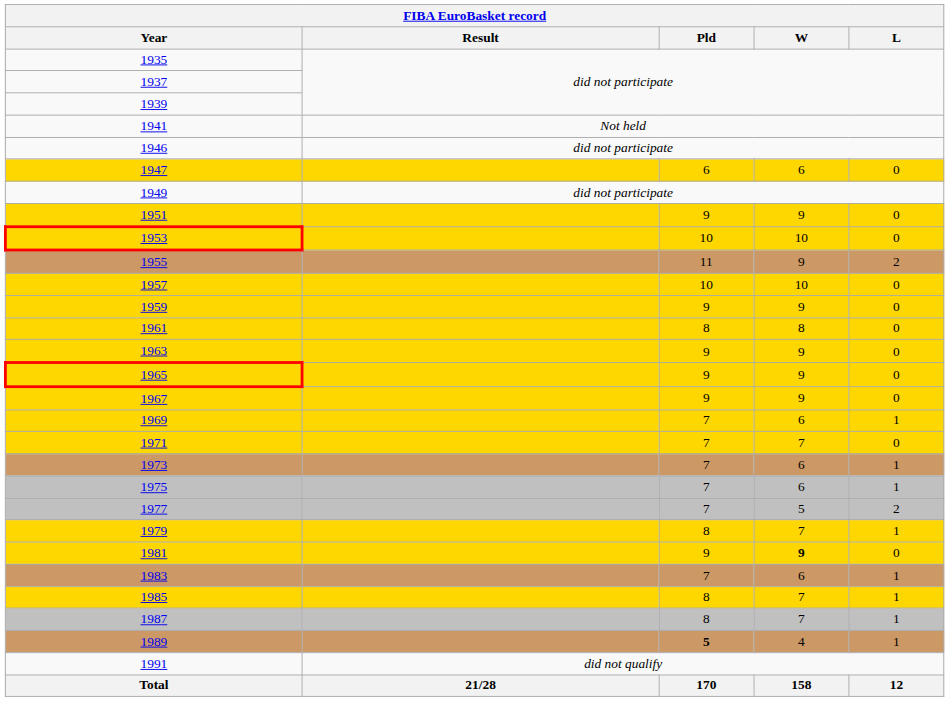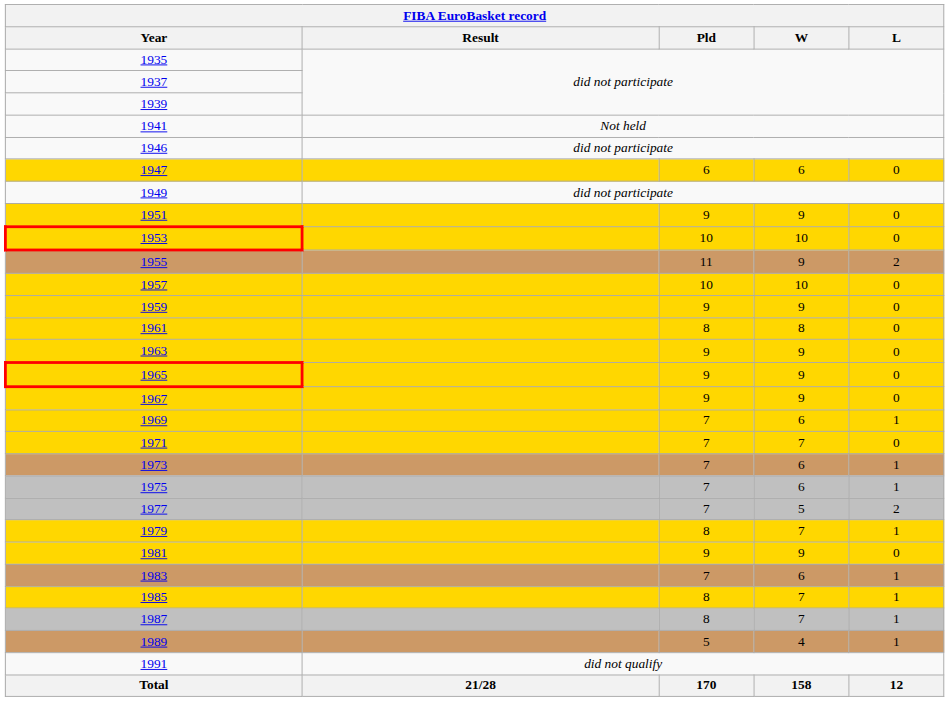 <table class="wikitable" width=80% style="text-align: center;font-size:90%;">
 <tr>
 <th colspan=5><a href='#'>FIBA EuroBasket record</a></th>
 </tr>
 <tr>
 <th width=25%>Year</th>
 <th width=30%>Result</th>
 <th width=8%>Pld</th>
 <th width=8%>W</th>
 <th width=8%>L</th>
 </tr>
 <tr>
 <td> <a href='#'>1935</a></td>
 <td rowspan=3 colspan=4><em>did not participate</em></td>
 </tr>
 <tr>
 <td> <a href='#'>1937</a></td>
 </tr>
 <tr>
 <td> <a href='#'>1939</a></td>
 </tr>
 <tr>
 <td> <a href='#'>1941</a></td>
 <td colspan=4><em>Not held</em></td>
 </tr>
 <tr>
 <td> <a href='#'>1946</a></td>
 <td colspan=4><em>did not participate</em></td>
 </tr>
 <tr bgcolor=gold>
 <td> <a href='#'>1947</a></td>
 <td></td>
 <td>6</td>
 <td>6</td>
 <td>0</td>
 </tr>
 <tr>
 <td> <a href='#'>1949</a></td>
 <td colspan=4><em>did not participate</em></td>
 </tr>
 <tr bgcolor=gold>
 <td> <a href='#'>1951</a></td>
 <td></td>
 <td>9</td>
 <td>9</td>
 <td>0</td>
 </tr>
 <tr bgcolor=gold>
 <td style="border: 3px solid red"> <a href='#'>1953</a></td>
 <td></td>
 <td>10</td>
 <td>10</td>
 <td>0</td>
 </tr>
 <tr bgcolor=cc9966>
 <td> <a href='#'>1955</a></td>
 <td></td>
 <td>11</td>
 <td>9</td>
 <td>2</td>
 </tr>
 <tr bgcolor=gold>
 <td> <a href='#'>1957</a></td>
 <td></td>
 <td>10</td>
 <td>10</td>
 <td>0</td>
 </tr>
 <tr bgcolor=gold>
 <td> <a href='#'>1959</a></td>
 <td></td>
 <td>9</td>
 <td>9</td>
 <td>0</td>
 </tr>
 <tr bgcolor=gold>
 <td> <a href='#'>1961</a></td>
 <td></td>
 <td>8</td>
 <td>8</td>
 <td>0</td>
 </tr>
 <tr bgcolor=gold>
 <td> <a href='#'>1963</a></td>
 <td></td>
 <td>9</td>
 <td>9</td>
 <td>0</td>
 </tr>
 <tr bgcolor=gold>
 <td style="border: 3px solid red"> <a href='#'>1965</a></td>
 <td></td>
 <td>9</td>
 <td>9</td>
 <td>0</td>
 </tr>
 <tr bgcolor=gold>
 <td> <a href='#'>1967</a></td>
 <td></td>
 <td>9</td>
 <td>9</td>
 <td>0</td>
 </tr>
 <tr bgcolor=gold>
 <td> <a href='#'>1969</a></td>
 <td></td>
 <td>7</td>
 <td>6</td>
 <td>1</td>
 </tr>
 <tr bgcolor=gold>
 <td> <a href='#'>1971</a></td>
 <td></td>
 <td>7</td>
 <td>7</td>
 <td>0</td>
 </tr>
 <tr bgcolor=cc9966>
 <td> <a href='#'>1973</a></td>
 <td></td>
 <td>7</td>
 <td>6</td>
 <td>1</td>
 </tr>
 <tr bgcolor=silver>
 <td> <a href='#'>1975</a></td>
 <td></td>
 <td>7</td>
 <td>6</td>
 <td>1</td>
 </tr>
 <tr bgcolor=silver>
 <td> <a href='#'>1977</a></td>
 <td></td>
 <td>7</td>
 <td>5</td>
 <td>2</td>
 </tr>
 <tr bgcolor=gold>
 <td> <a href='#'>1979</a></td>
 <td></td>
 <td>8</td>
 <td>7</td>
 <td>1</td>
 </tr>
 <tr bgcolor=gold>
 <td> <a href='#'>1981</a></td>
 <td></td>
 <td>9</td>
-<td><strong>9</strong></td>
+<td>9</td>
 <td>0</td>
 </tr>
 <tr bgcolor=cc9966>
 <td> <a href='#'>1983</a></td>
 <td></td>
 <td>7</td>
 <td>6</td>
 <td>1</td>
 </tr>
 <tr bgcolor=gold>
 <td> <a href='#'>1985</a></td>
 <td></td>
 <td>8</td>
 <td>7</td>
 <td>1</td>
 </tr>
 <tr bgcolor=silver>
 <td> <a href='#'>1987</a></td>
 <td></td>
 <td>8</td>
 <td>7</td>
 <td>1</td>
 </tr>
 <tr bgcolor=cc9966>
 <td> <a href='#'>1989</a></td>
 <td></td>
-<td><strong>5</strong></td>
+<td>5</td>
 <td>4</td>
 <td>1</td>
 </tr>
 <tr>
 <td> <a href='#'>1991</a></td>
 <td colspan=4><em>did not qualify</em></td>
 </tr>
 <tr>
 <th>Total</th>
 <th>21/28</th>
 <th>170</th>
 <th>158</th>
 <th>12</th>
 </tr>
 </table>
